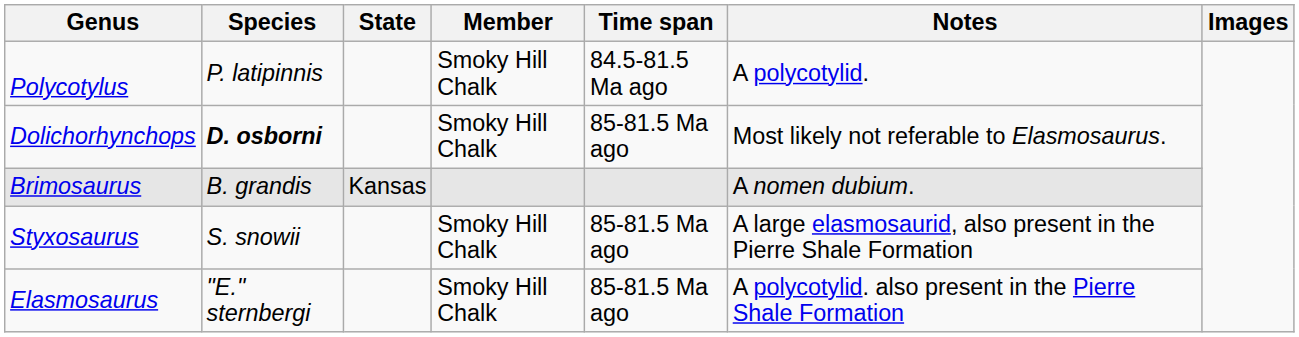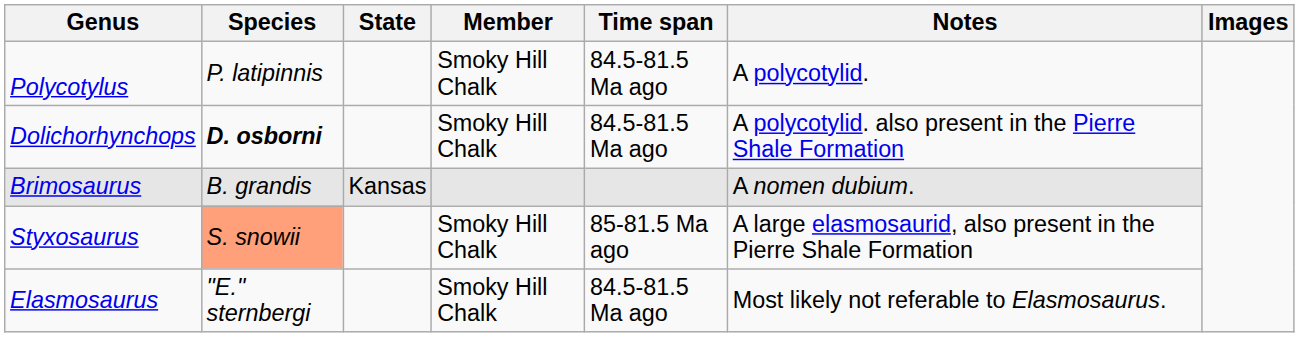 <table class="wikitable"  style="margin:auto; width:100%; width:100%;">
 <tr>
 <th>Genus</th>
 <th>Species</th>
 <th>State</th>
 <th>Member</th>
 <th>Time span</th>
 <th>Notes</th>
 <th>Images</th>
 </tr>
 <tr>
 <td><br><em><a href='#'>Polycotylus</a></em></td>
 <td><em>P. latipinnis</em></td>
 <td></td>
 <td>Smoky Hill Chalk</td>
 <td>84.5-81.5 Ma ago</td>
 <td>A <a href='#'>polycotylid</a>.</td>
 <td rowspan="99"><br> </td>
 </tr>
 <tr>
 <td><em><a href='#'>Dolichorhynchops</a></em></td>
 <td><strong><em>D. osborni</em></strong></td>
 <td></td>
 <td>Smoky Hill Chalk</td>
-<td>85-81.5 Ma ago</td>
-<td>Most likely not referable to <em>Elasmosaurus</em>.</td>
+<td>84.5-81.5 Ma ago</td>
+<td>A <a href='#'>polycotylid</a>. also present in the <a href='#'>Pierre Shale Formation</a></td>
 </tr>
 <tr>
 <td style="background:#E6E6E6;"><em><a href='#'>Brimosaurus</a></em></td>
 <td style="background:#E6E6E6;"><em>B. grandis</em></td>
 <td style="background:#E6E6E6;">Kansas</td>
 <td style="background:#E6E6E6;"></td>
 <td style="background:#E6E6E6;"></td>
 <td style="background:#E6E6E6;">A <em>nomen dubium</em>.</td>
 </tr>
 <tr>
 <td><em><a href='#'>Styxosaurus</a></em></td>
-<td><em>S. snowii</em></td>
+<td style="background: lightsalmon;"><em>S. snowii</em></td>
 <td></td>
 <td>Smoky Hill Chalk</td>
 <td>85-81.5 Ma ago</td>
 <td>A large <a href='#'>elasmosaurid</a>, also present in the Pierre Shale Formation</td>
 </tr>
 <tr>
 <td><em><a href='#'>Elasmosaurus</a></em></td>
 <td><em>"E." sternbergi</em></td>
 <td></td>
 <td>Smoky Hill Chalk</td>
-<td>85-81.5 Ma ago</td>
-<td>A <a href='#'>polycotylid</a>. also present in the <a href='#'>Pierre Shale Formation</a></td>
+<td>84.5-81.5 Ma ago</td>
+<td>Most likely not referable to <em>Elasmosaurus</em>.</td>
 </tr>
 </table>
